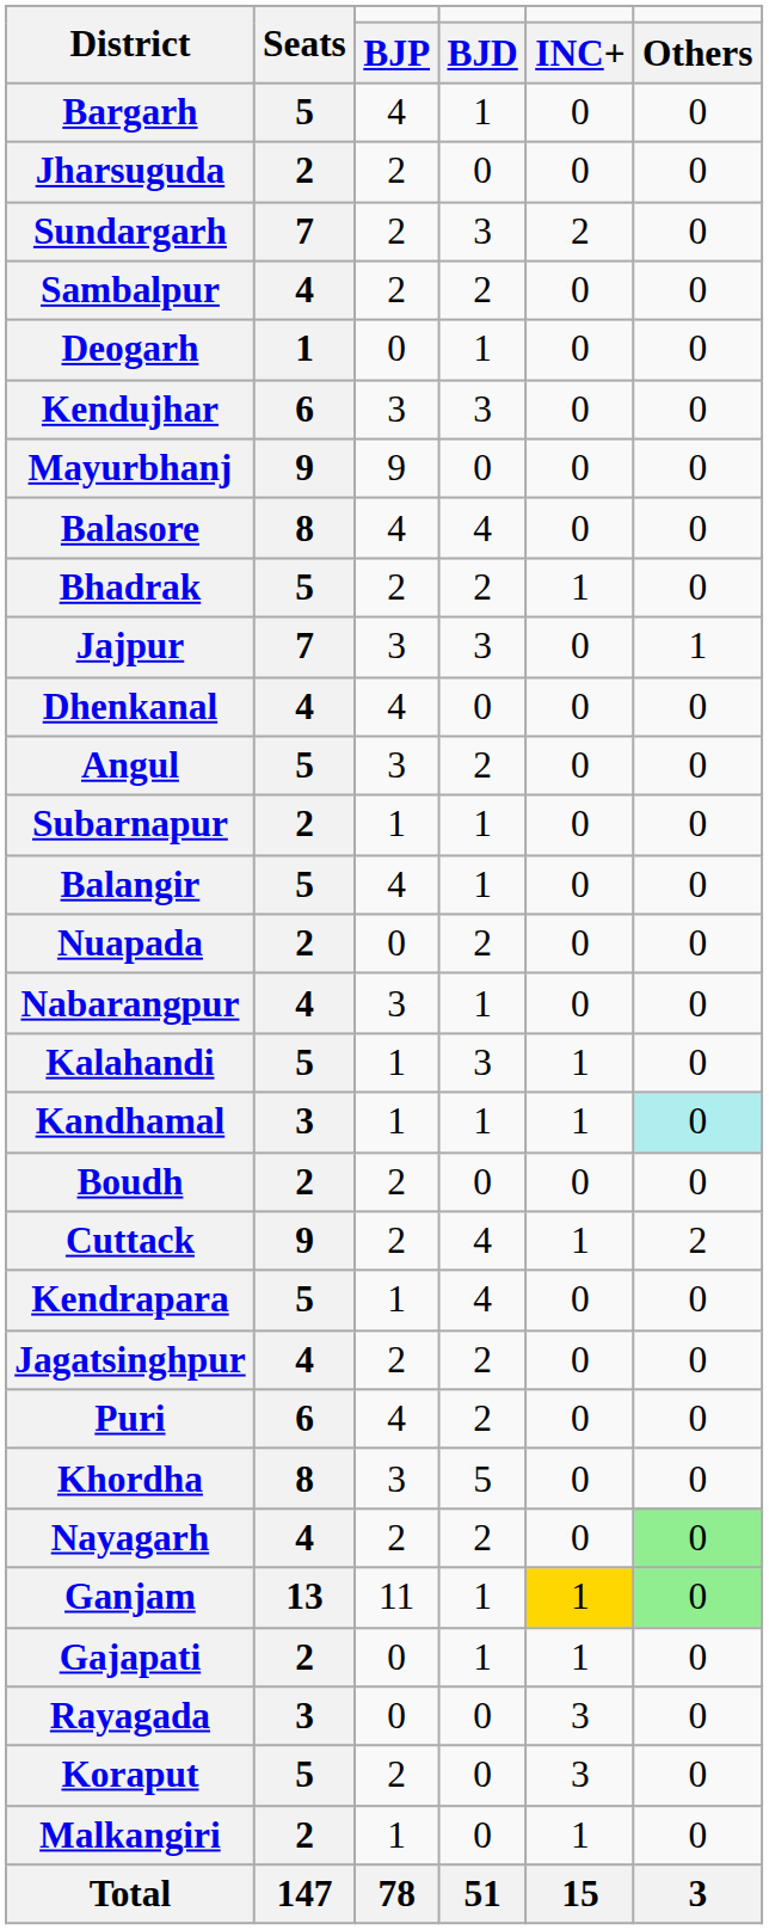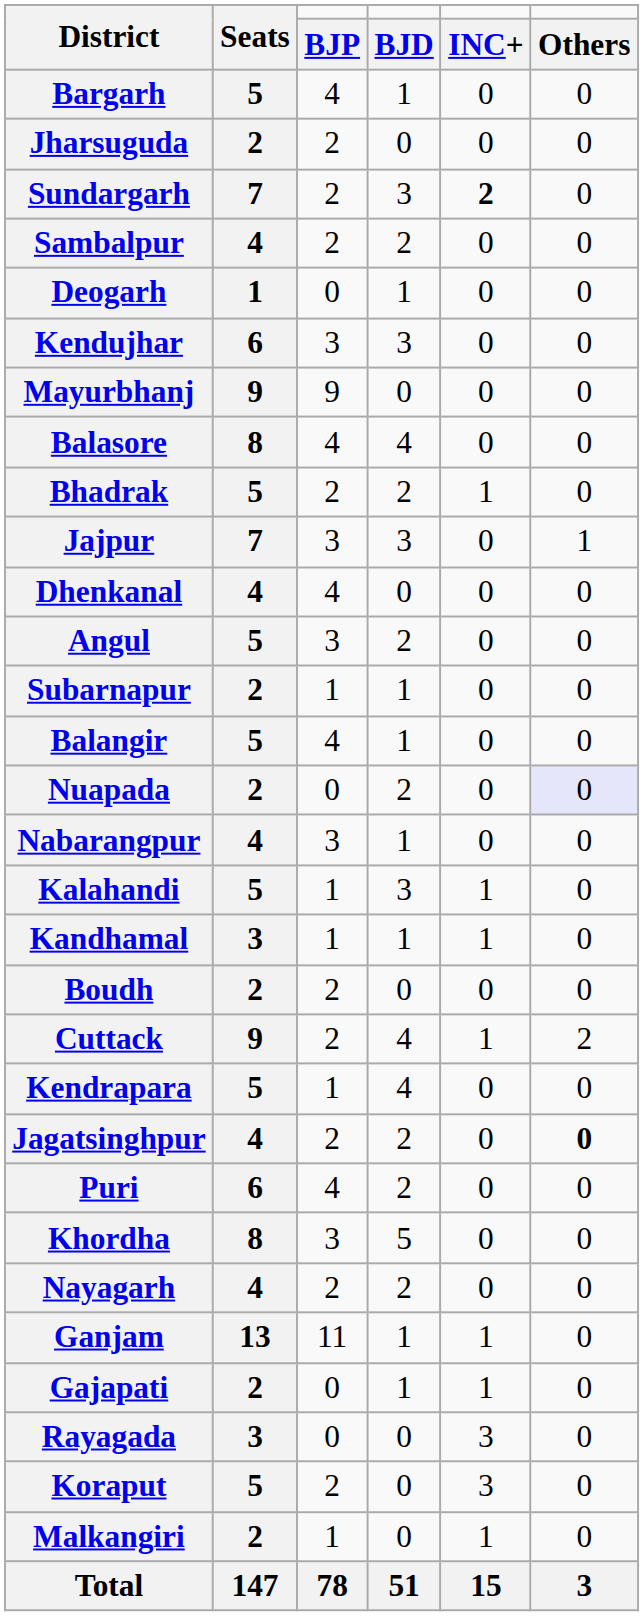 <table class="wikitable sortable" style="text-align:center;">
 <tr>
 <th rowspan="2">District</th>
 <th rowspan="2">Seats</th>
 <td></td>
 <td></td>
 <td></td>
 <td></td>
 </tr>
 <tr>
 <th><a href='#'>BJP</a></th>
 <th><a href='#'>BJD</a></th>
 <th><a href='#'>INC</a>+</th>
 <th>Others</th>
 </tr>
 <tr>
 <th><a href='#'>Bargarh</a></th>
 <th>5</th>
 <td style="background:">4</td>
 <td>1</td>
 <td>0</td>
 <td>0</td>
 </tr>
 <tr>
 <th><a href='#'>Jharsuguda</a></th>
 <th>2</th>
 <td style="background:">2</td>
 <td>0</td>
 <td>0</td>
 <td>0</td>
 </tr>
 <tr>
 <th><a href='#'>Sundargarh</a></th>
 <th>7</th>
 <td>2</td>
 <td style="background:">3</td>
-<td>2</td>
+<td><strong>2</strong></td>
 <td>0</td>
 </tr>
 <tr>
 <th><a href='#'>Sambalpur</a></th>
 <th>4</th>
 <td>2</td>
 <td>2</td>
 <td>0</td>
 <td>0</td>
 </tr>
 <tr>
 <th><a href='#'>Deogarh</a></th>
 <th>1</th>
 <td>0</td>
 <td style="background:">1</td>
 <td>0</td>
 <td>0</td>
 </tr>
 <tr>
 <th><a href='#'>Kendujhar</a></th>
 <th>6</th>
 <td>3</td>
 <td>3</td>
 <td>0</td>
 <td>0</td>
 </tr>
 <tr>
 <th><a href='#'>Mayurbhanj</a></th>
 <th>9</th>
 <td style="background:">9</td>
 <td>0</td>
 <td>0</td>
 <td>0</td>
 </tr>
 <tr>
 <th><a href='#'>Balasore</a></th>
 <th>8</th>
 <td>4</td>
 <td>4</td>
 <td>0</td>
 <td>0</td>
 </tr>
 <tr>
 <th><a href='#'>Bhadrak</a></th>
 <th>5</th>
 <td>2</td>
 <td>2</td>
 <td>1</td>
 <td>0</td>
 </tr>
 <tr>
 <th><a href='#'>Jajpur</a></th>
 <th>7</th>
 <td>3</td>
 <td>3</td>
 <td>0</td>
 <td>1</td>
 </tr>
 <tr>
 <th><a href='#'>Dhenkanal</a></th>
 <th>4</th>
 <td style="background:">4</td>
 <td>0</td>
 <td>0</td>
 <td>0</td>
 </tr>
 <tr>
 <th><a href='#'>Angul</a></th>
 <th>5</th>
 <td style="background:">3</td>
 <td>2</td>
 <td>0</td>
 <td>0</td>
 </tr>
 <tr>
 <th><a href='#'>Subarnapur</a></th>
 <th>2</th>
 <td>1</td>
 <td>1</td>
 <td>0</td>
 <td>0</td>
 </tr>
 <tr>
 <th><a href='#'>Balangir</a></th>
 <th>5</th>
 <td style="background:">4</td>
 <td>1</td>
 <td>0</td>
 <td>0</td>
 </tr>
 <tr>
 <th><a href='#'>Nuapada</a></th>
 <th>2</th>
 <td>0</td>
 <td style="background:">2</td>
 <td>0</td>
-<td>0</td>
+<td style="background: lavender;">0</td>
 </tr>
 <tr>
 <th><a href='#'>Nabarangpur</a></th>
 <th>4</th>
 <td style="background:">3</td>
 <td>1</td>
 <td>0</td>
 <td>0</td>
 </tr>
 <tr>
 <th><a href='#'>Kalahandi</a></th>
 <th>5</th>
 <td>1</td>
 <td style="background:">3</td>
 <td>1</td>
 <td>0</td>
 </tr>
 <tr>
 <th><a href='#'>Kandhamal</a></th>
 <th>3</th>
 <td>1</td>
 <td>1</td>
 <td>1</td>
-<td style="background: paleturquoise;">0</td>
+<td>0</td>
 </tr>
 <tr>
 <th><a href='#'>Boudh</a></th>
 <th>2</th>
 <td style="background:">2</td>
 <td>0</td>
 <td>0</td>
 <td>0</td>
 </tr>
 <tr>
 <th><a href='#'>Cuttack</a></th>
 <th>9</th>
 <td>2</td>
 <td style="background:">4</td>
 <td>1</td>
 <td>2</td>
 </tr>
 <tr>
 <th><a href='#'>Kendrapara</a></th>
 <th>5</th>
 <td>1</td>
 <td style="background:">4</td>
 <td>0</td>
 <td>0</td>
 </tr>
 <tr>
 <th><a href='#'>Jagatsinghpur</a></th>
 <th>4</th>
 <td>2</td>
 <td>2</td>
 <td>0</td>
-<td>0</td>
+<td><strong>0</strong></td>
 </tr>
 <tr>
 <th><a href='#'>Puri</a></th>
 <th>6</th>
 <td style="background:">4</td>
 <td>2</td>
 <td>0</td>
 <td>0</td>
 </tr>
 <tr>
 <th><a href='#'>Khordha</a></th>
 <th>8</th>
 <td>3</td>
 <td style="background:">5</td>
 <td>0</td>
 <td>0</td>
 </tr>
 <tr>
 <th><a href='#'>Nayagarh</a></th>
 <th>4</th>
 <td>2</td>
 <td>2</td>
 <td>0</td>
-<td style="background: lightgreen;">0</td>
+<td>0</td>
 </tr>
 <tr>
 <th><a href='#'>Ganjam</a></th>
 <th>13</th>
 <td style="background:">11</td>
 <td>1</td>
-<td style="background: gold;">1</td>
-<td style="background: lightgreen;">0</td>
+<td>1</td>
+<td>0</td>
 </tr>
 <tr>
 <th><a href='#'>Gajapati</a></th>
 <th>2</th>
 <td>0</td>
 <td>1</td>
 <td>1</td>
 <td>0</td>
 </tr>
 <tr>
 <th><a href='#'>Rayagada</a></th>
 <th>3</th>
 <td>0</td>
 <td>0</td>
 <td style="background:">3</td>
 <td>0</td>
 </tr>
 <tr>
 <th><a href='#'>Koraput</a></th>
 <th>5</th>
 <td>2</td>
 <td>0</td>
 <td style="background:">3</td>
 <td>0</td>
 </tr>
 <tr>
 <th><a href='#'>Malkangiri</a></th>
 <th>2</th>
 <td>1</td>
 <td>0</td>
 <td>1</td>
 <td>0</td>
 </tr>
 <tr>
 <th>Total</th>
 <th>147</th>
 <th>78</th>
 <th>51</th>
 <th>15</th>
 <th>3</th>
 </tr>
 </table>
